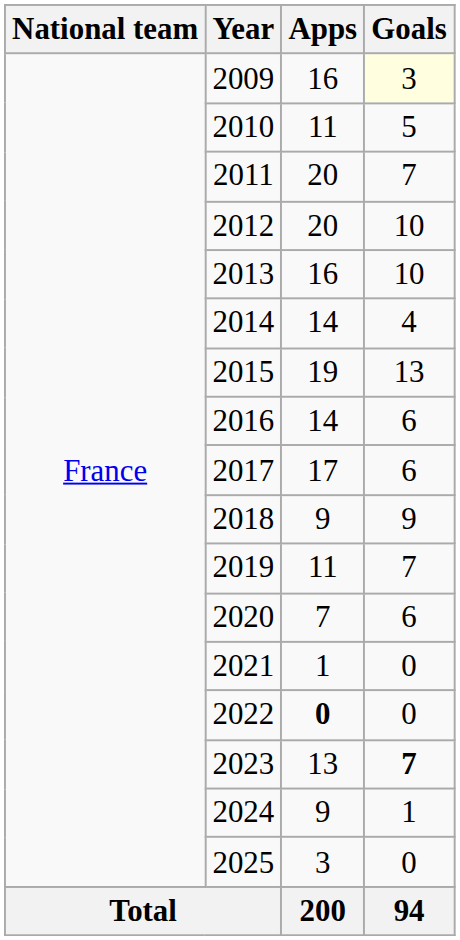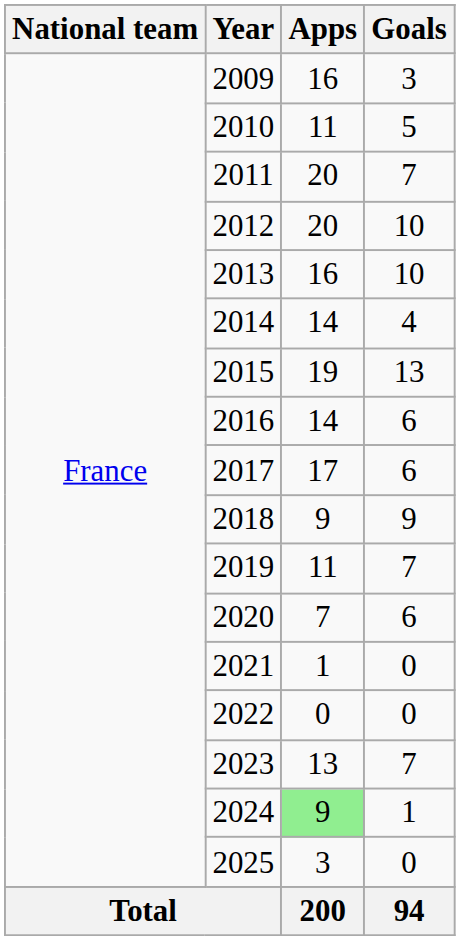 <table class="wikitable" style="text-align:center">
 <tr>
 <th>National team</th>
 <th>Year</th>
 <th>Apps</th>
 <th>Goals</th>
 </tr>
 <tr>
 <td rowspan=17><a href='#'>France</a></td>
 <td>2009</td>
 <td>16</td>
-<td style="background: lightyellow;">3</td>
+<td>3</td>
 </tr>
 <tr>
 <td>2010</td>
 <td>11</td>
 <td>5</td>
 </tr>
 <tr>
 <td>2011</td>
 <td>20</td>
 <td>7</td>
 </tr>
 <tr>
 <td>2012</td>
 <td>20</td>
 <td>10</td>
 </tr>
 <tr>
 <td>2013</td>
 <td>16</td>
 <td>10</td>
 </tr>
 <tr>
 <td>2014</td>
 <td>14</td>
 <td>4</td>
 </tr>
 <tr>
 <td>2015</td>
 <td>19</td>
 <td>13</td>
 </tr>
 <tr>
 <td>2016</td>
 <td>14</td>
 <td>6</td>
 </tr>
 <tr>
 <td>2017</td>
 <td>17</td>
 <td>6</td>
 </tr>
 <tr>
 <td>2018</td>
 <td>9</td>
 <td>9</td>
 </tr>
 <tr>
 <td>2019</td>
 <td>11</td>
 <td>7</td>
 </tr>
 <tr>
 <td>2020</td>
 <td>7</td>
 <td>6</td>
 </tr>
 <tr>
 <td>2021</td>
 <td>1</td>
 <td>0</td>
 </tr>
 <tr>
 <td>2022</td>
-<td><strong>0</strong></td>
+<td>0</td>
 <td>0</td>
 </tr>
 <tr>
 <td>2023</td>
 <td>13</td>
-<td><strong>7</strong></td>
+<td>7</td>
 </tr>
 <tr>
 <td>2024</td>
-<td>9</td>
+<td style="background: lightgreen;">9</td>
 <td>1</td>
 </tr>
 <tr>
 <td>2025</td>
 <td>3</td>
 <td>0</td>
 </tr>
 <tr>
 <th colspan=2>Total</th>
 <th>200</th>
 <th>94</th>
 </tr>
 </table>
